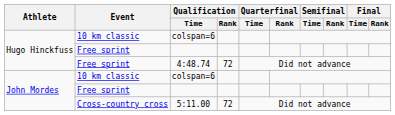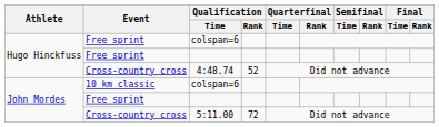 <table class="wikitable" style="font-size:90%">
 <tr>
 <th rowspan="2">Athlete</th>
 <th rowspan="2">Event</th>
 <th colspan="2">Qualification</th>
 <th colspan="2">Quarterfinal</th>
 <th colspan="2">Semifinal</th>
 <th colspan="2">Final</th>
 </tr>
 <tr style="font-size:95%">
 <th>Time</th>
 <th>Rank</th>
 <th>Time</th>
 <th>Rank</th>
 <th>Time</th>
 <th>Rank</th>
 <th>Time</th>
 <th>Rank</th>
 </tr>
 <tr align=center>
 <td align=left rowspan=3>Hugo Hinckfuss</td>
-<td align=left><a href='#'>10 km classic</a></td>
+<td align=left><a href='#'>Free sprint</a></td>
 <td>colspan=6 </td>
 <td></td>
 <td></td>
 </tr>
 <tr align=center>
 <td align=left><a href='#'>Free sprint</a></td>
 <td></td>
 <td></td>
 <td></td>
 <td></td>
 <td></td>
 <td></td>
 <td></td>
 <td></td>
 </tr>
 <tr align=center>
-<td align=left><a href='#'>Free sprint</a></td>
+<td align=left><a href='#'>Cross-country cross</a></td>
 <td>4:48.74</td>
-<td>72</td>
+<td>52</td>
 <td colspan="6">Did not advance</td>
 </tr>
 <tr align=center>
 <td align=left rowspan=3><a href='#'>John Mordes</a></td>
 <td align=left><a href='#'>10 km classic</a></td>
 <td>colspan=6 </td>
 <td></td>
 <td></td>
 </tr>
 <tr align=center>
 <td align=left><a href='#'>Free sprint</a></td>
 <td></td>
 <td></td>
 <td></td>
 <td></td>
 <td></td>
 <td></td>
 <td></td>
 <td></td>
 </tr>
 <tr align=center>
 <td align=left><a href='#'>Cross-country cross</a></td>
 <td>5:11.00</td>
 <td>72</td>
 <td colspan="6">Did not advance</td>
 </tr>
 </table>
